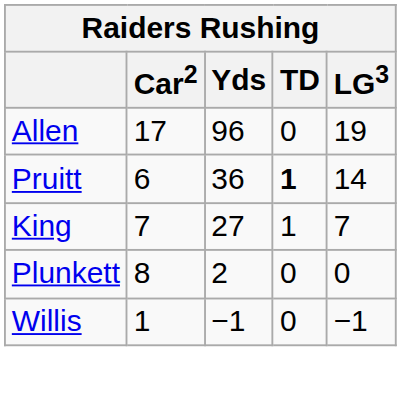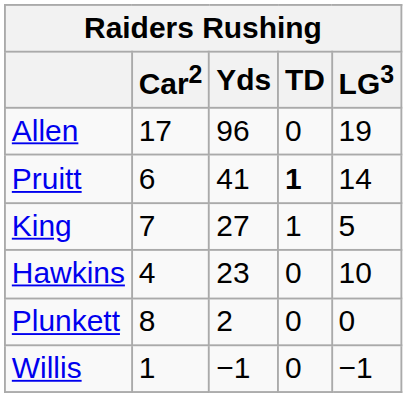 <table class="wikitable">
 <tr>
 <th colspan="5">Raiders Rushing</th>
 </tr>
 <tr>
 <th></th>
 <th>Car<sup>2</sup></th>
 <th>Yds</th>
 <th>TD</th>
 <th>LG<sup>3</sup></th>
 </tr>
 <tr>
 <td><a href='#'>Allen</a></td>
 <td>17</td>
 <td>96</td>
 <td>0</td>
 <td>19</td>
 </tr>
 <tr>
 <td><a href='#'>Pruitt</a></td>
 <td>6</td>
-<td>36</td>
+<td>41</td>
 <td><strong>1</strong></td>
 <td>14</td>
 </tr>
 <tr>
 <td><a href='#'>King</a></td>
 <td>7</td>
 <td>27</td>
 <td>1</td>
-<td>7</td>
+<td>5</td>
+</tr>
+<tr>
+<td><a href='#'>Hawkins</a></td>
+<td>4</td>
+<td>23</td>
+<td>0</td>
+<td>10</td>
 </tr>
 <tr>
 <td><a href='#'>Plunkett</a></td>
 <td>8</td>
 <td>2</td>
 <td>0</td>
 <td>0</td>
 </tr>
 <tr>
 <td><a href='#'>Willis</a></td>
 <td>1</td>
 <td>−1</td>
 <td>0</td>
 <td>−1</td>
 </tr>
 </table>
